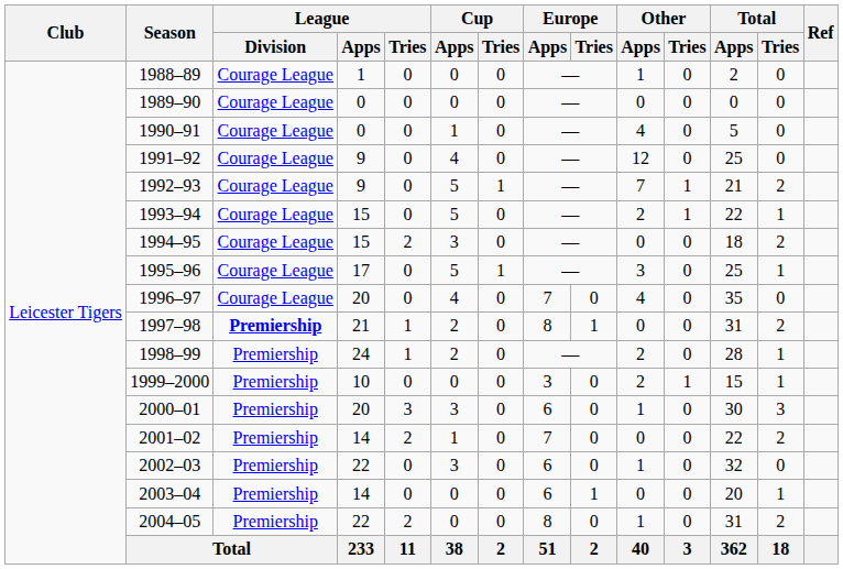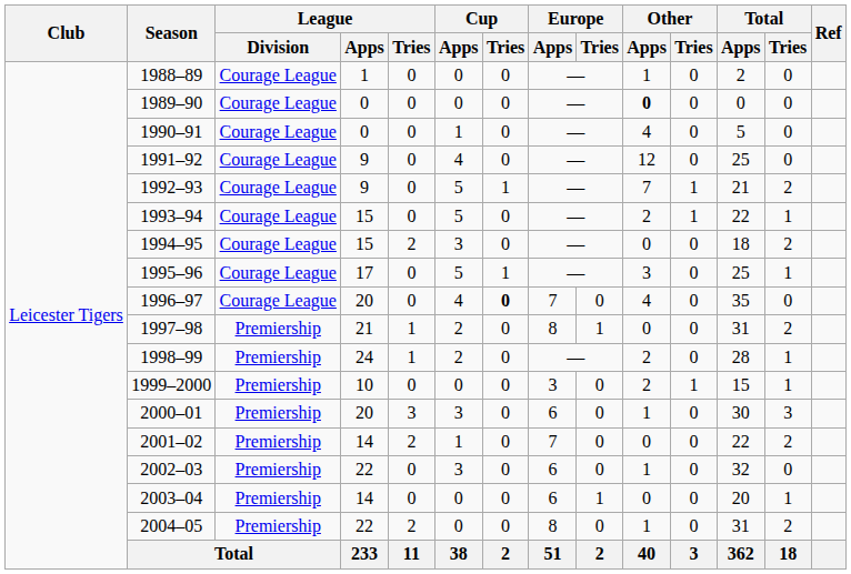 <table class=wikitable style=text-align:center>
 <tr>
 <th rowspan=2>Club</th>
 <th rowspan=2>Season</th>
 <th colspan=3>League</th>
 <th colspan=2>Cup</th>
 <th colspan=2>Europe</th>
 <th colspan=2>Other</th>
 <th colspan=2>Total</th>
 <th rowspan=2>Ref</th>
 </tr>
 <tr>
 <th>Division</th>
 <th>Apps</th>
 <th>Tries</th>
 <th>Apps</th>
 <th>Tries</th>
 <th>Apps</th>
 <th>Tries</th>
 <th>Apps</th>
 <th>Tries</th>
 <th>Apps</th>
 <th>Tries</th>
 </tr>
 <tr>
 <td rowspan=18><a href='#'>Leicester Tigers</a></td>
 <td>1988–89</td>
 <td><a href='#'>Courage League</a></td>
 <td>1</td>
 <td>0</td>
 <td>0</td>
 <td>0</td>
 <td colspan=2>—</td>
 <td>1</td>
 <td>0</td>
 <td>2</td>
 <td>0</td>
 <td></td>
 </tr>
 <tr>
 <td>1989–90</td>
 <td><a href='#'>Courage League</a></td>
 <td>0</td>
 <td>0</td>
 <td>0</td>
 <td>0</td>
 <td colspan=2>—</td>
-<td>0</td>
+<td><strong>0</strong></td>
 <td>0</td>
 <td>0</td>
 <td>0</td>
 <td></td>
 </tr>
 <tr>
 <td>1990–91</td>
 <td><a href='#'>Courage League</a></td>
 <td>0</td>
 <td>0</td>
 <td>1</td>
 <td>0</td>
 <td colspan=2>—</td>
 <td>4</td>
 <td>0</td>
 <td>5</td>
 <td>0</td>
 <td></td>
 </tr>
 <tr>
 <td>1991–92</td>
 <td><a href='#'>Courage League</a></td>
 <td>9</td>
 <td>0</td>
 <td>4</td>
 <td>0</td>
 <td colspan=2>—</td>
 <td>12</td>
 <td>0</td>
 <td>25</td>
 <td>0</td>
 <td></td>
 </tr>
 <tr>
 <td>1992–93</td>
 <td><a href='#'>Courage League</a></td>
 <td>9</td>
 <td>0</td>
 <td>5</td>
 <td>1</td>
 <td colspan=2>—</td>
 <td>7</td>
 <td>1</td>
 <td>21</td>
 <td>2</td>
 <td></td>
 </tr>
 <tr>
 <td>1993–94</td>
 <td><a href='#'>Courage League</a></td>
 <td>15</td>
 <td>0</td>
 <td>5</td>
 <td>0</td>
 <td colspan=2>—</td>
 <td>2</td>
 <td>1</td>
 <td>22</td>
 <td>1</td>
 <td></td>
 </tr>
 <tr>
 <td>1994–95</td>
 <td><a href='#'>Courage League</a></td>
 <td>15</td>
 <td>2</td>
 <td>3</td>
 <td>0</td>
 <td colspan=2>—</td>
 <td>0</td>
 <td>0</td>
 <td>18</td>
 <td>2</td>
 <td></td>
 </tr>
 <tr>
 <td>1995–96</td>
 <td><a href='#'>Courage League</a></td>
 <td>17</td>
 <td>0</td>
 <td>5</td>
 <td>1</td>
 <td colspan=2>—</td>
 <td>3</td>
 <td>0</td>
 <td>25</td>
 <td>1</td>
 <td></td>
 </tr>
 <tr>
 <td>1996–97</td>
 <td><a href='#'>Courage League</a></td>
 <td>20</td>
 <td>0</td>
 <td>4</td>
-<td>0</td>
+<td><strong>0</strong></td>
 <td>7</td>
 <td>0</td>
 <td>4</td>
 <td>0</td>
 <td>35</td>
 <td>0</td>
 <td></td>
 </tr>
 <tr>
 <td>1997–98</td>
-<td><strong><a href='#'>Premiership</a></strong></td>
+<td><a href='#'>Premiership</a></td>
 <td>21</td>
 <td>1</td>
 <td>2</td>
 <td>0</td>
 <td>8</td>
 <td>1</td>
 <td>0</td>
 <td>0</td>
 <td>31</td>
 <td>2</td>
 <td></td>
 </tr>
 <tr>
 <td>1998–99</td>
 <td><a href='#'>Premiership</a></td>
 <td>24</td>
 <td>1</td>
 <td>2</td>
 <td>0</td>
 <td colspan=2>—</td>
 <td>2</td>
 <td>0</td>
 <td>28</td>
 <td>1</td>
 <td></td>
 </tr>
 <tr>
 <td>1999–2000</td>
 <td><a href='#'>Premiership</a></td>
 <td>10</td>
 <td>0</td>
 <td>0</td>
 <td>0</td>
 <td>3</td>
 <td>0</td>
 <td>2</td>
 <td>1</td>
 <td>15</td>
 <td>1</td>
 <td></td>
 </tr>
 <tr>
 <td>2000–01</td>
 <td><a href='#'>Premiership</a></td>
 <td>20</td>
 <td>3</td>
 <td>3</td>
 <td>0</td>
 <td>6</td>
 <td>0</td>
 <td>1</td>
 <td>0</td>
 <td>30</td>
 <td>3</td>
 <td></td>
 </tr>
 <tr>
 <td>2001–02</td>
 <td><a href='#'>Premiership</a></td>
 <td>14</td>
 <td>2</td>
 <td>1</td>
 <td>0</td>
 <td>7</td>
 <td>0</td>
 <td>0</td>
 <td>0</td>
 <td>22</td>
 <td>2</td>
 <td></td>
 </tr>
 <tr>
 <td>2002–03</td>
 <td><a href='#'>Premiership</a></td>
 <td>22</td>
 <td>0</td>
 <td>3</td>
 <td>0</td>
 <td>6</td>
 <td>0</td>
 <td>1</td>
 <td>0</td>
 <td>32</td>
 <td>0</td>
 <td></td>
 </tr>
 <tr>
 <td>2003–04</td>
 <td><a href='#'>Premiership</a></td>
 <td>14</td>
 <td>0</td>
 <td>0</td>
 <td>0</td>
 <td>6</td>
 <td>1</td>
 <td>0</td>
 <td>0</td>
 <td>20</td>
 <td>1</td>
 <td></td>
 </tr>
 <tr>
 <td>2004–05</td>
 <td><a href='#'>Premiership</a></td>
 <td>22</td>
 <td>2</td>
 <td>0</td>
 <td>0</td>
 <td>8</td>
 <td>0</td>
 <td>1</td>
 <td>0</td>
 <td>31</td>
 <td>2</td>
 <td></td>
 </tr>
 <tr>
 <th colspan=2>Total</th>
 <th>233</th>
 <th>11</th>
 <th>38</th>
 <th>2</th>
 <th>51</th>
 <th>2</th>
 <th>40</th>
 <th>3</th>
 <th>362</th>
 <th>18</th>
 <th></th>
 </tr>
 </table>
